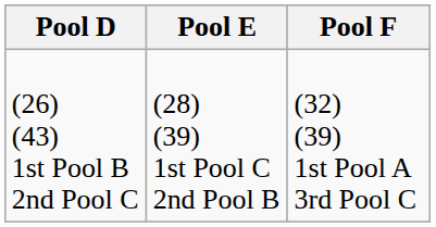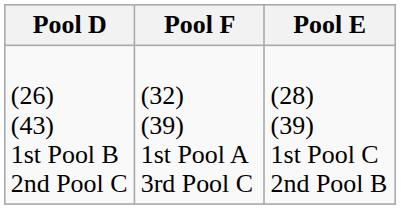 <table class="wikitable">
 <tr>
 <th width=33%>Pool D</th>
+<th width=33%>Pool F</th>
 <th width=33%>Pool E</th>
-<th width=33%>Pool F</th>
 </tr>
 <tr>
 <td><br> (26)<br>  (43)<br> 1st Pool B<br> 2nd Pool C</td>
+<td><br> (32)<br>  (39)<br> 1st Pool A<br> 3rd Pool C</td>
 <td><br> (28)<br>  (39)<br> 1st Pool C<br> 2nd Pool B</td>
-<td><br> (32)<br>  (39)<br> 1st Pool A<br> 3rd Pool C</td>
 </tr>
 </table>
